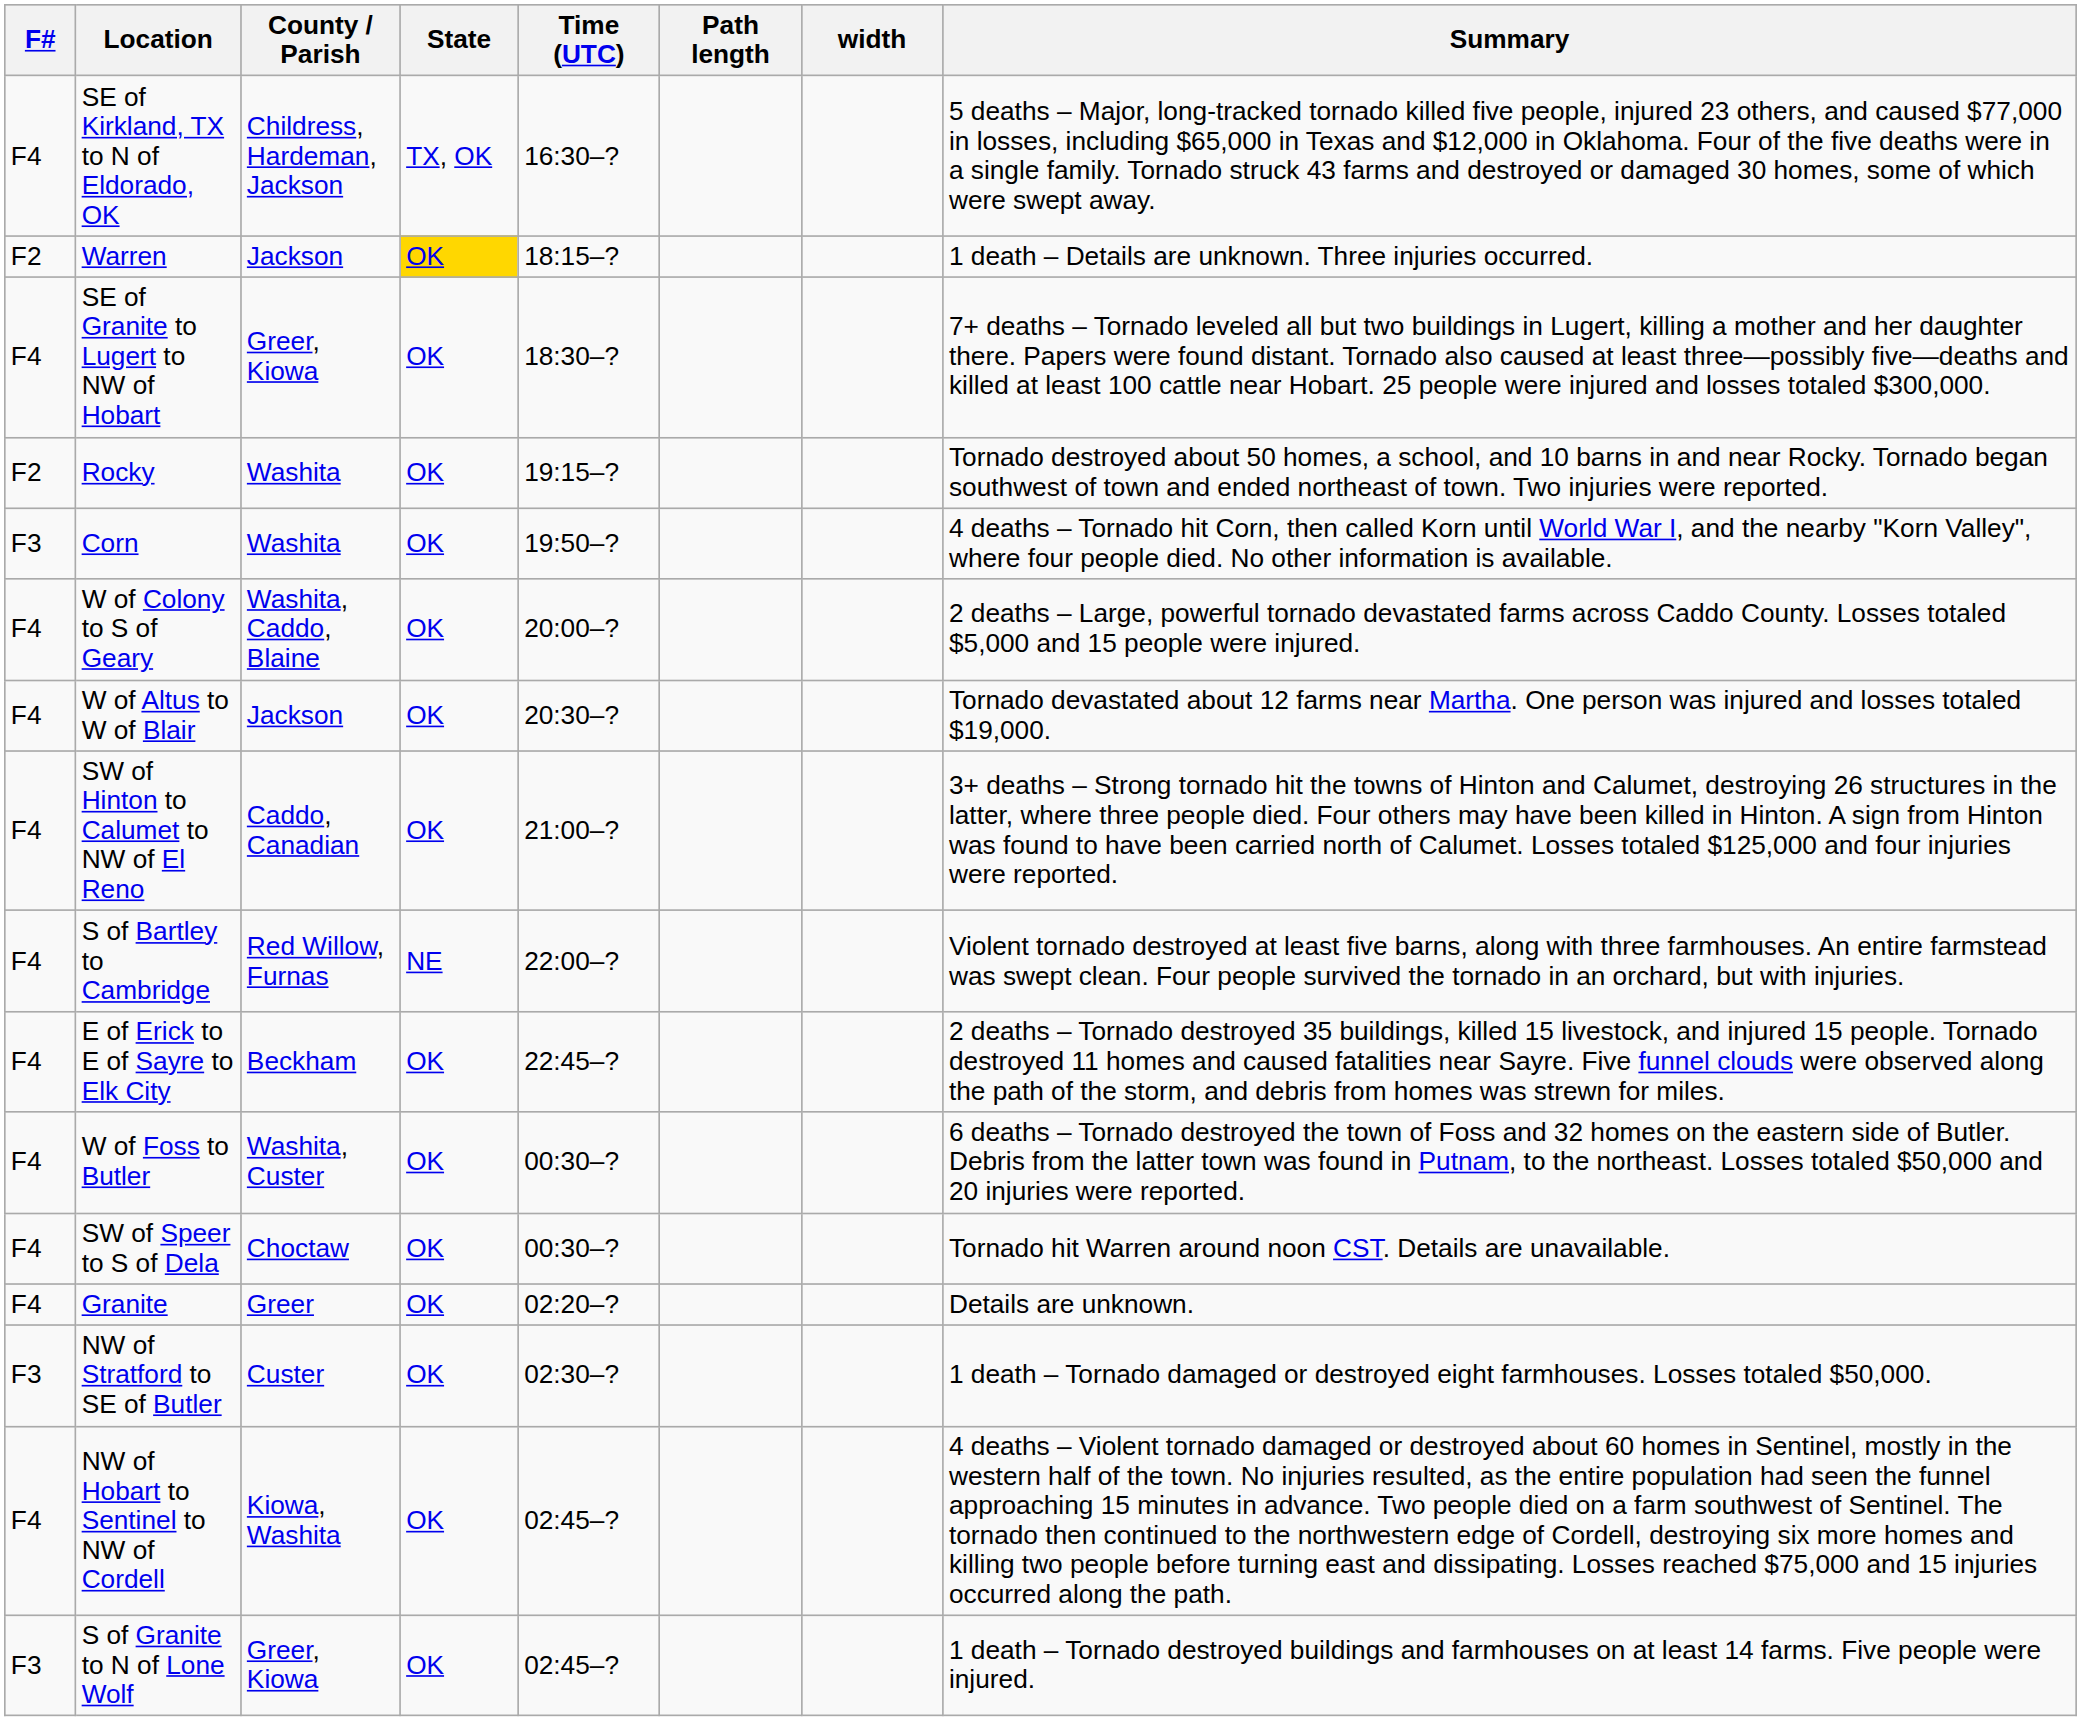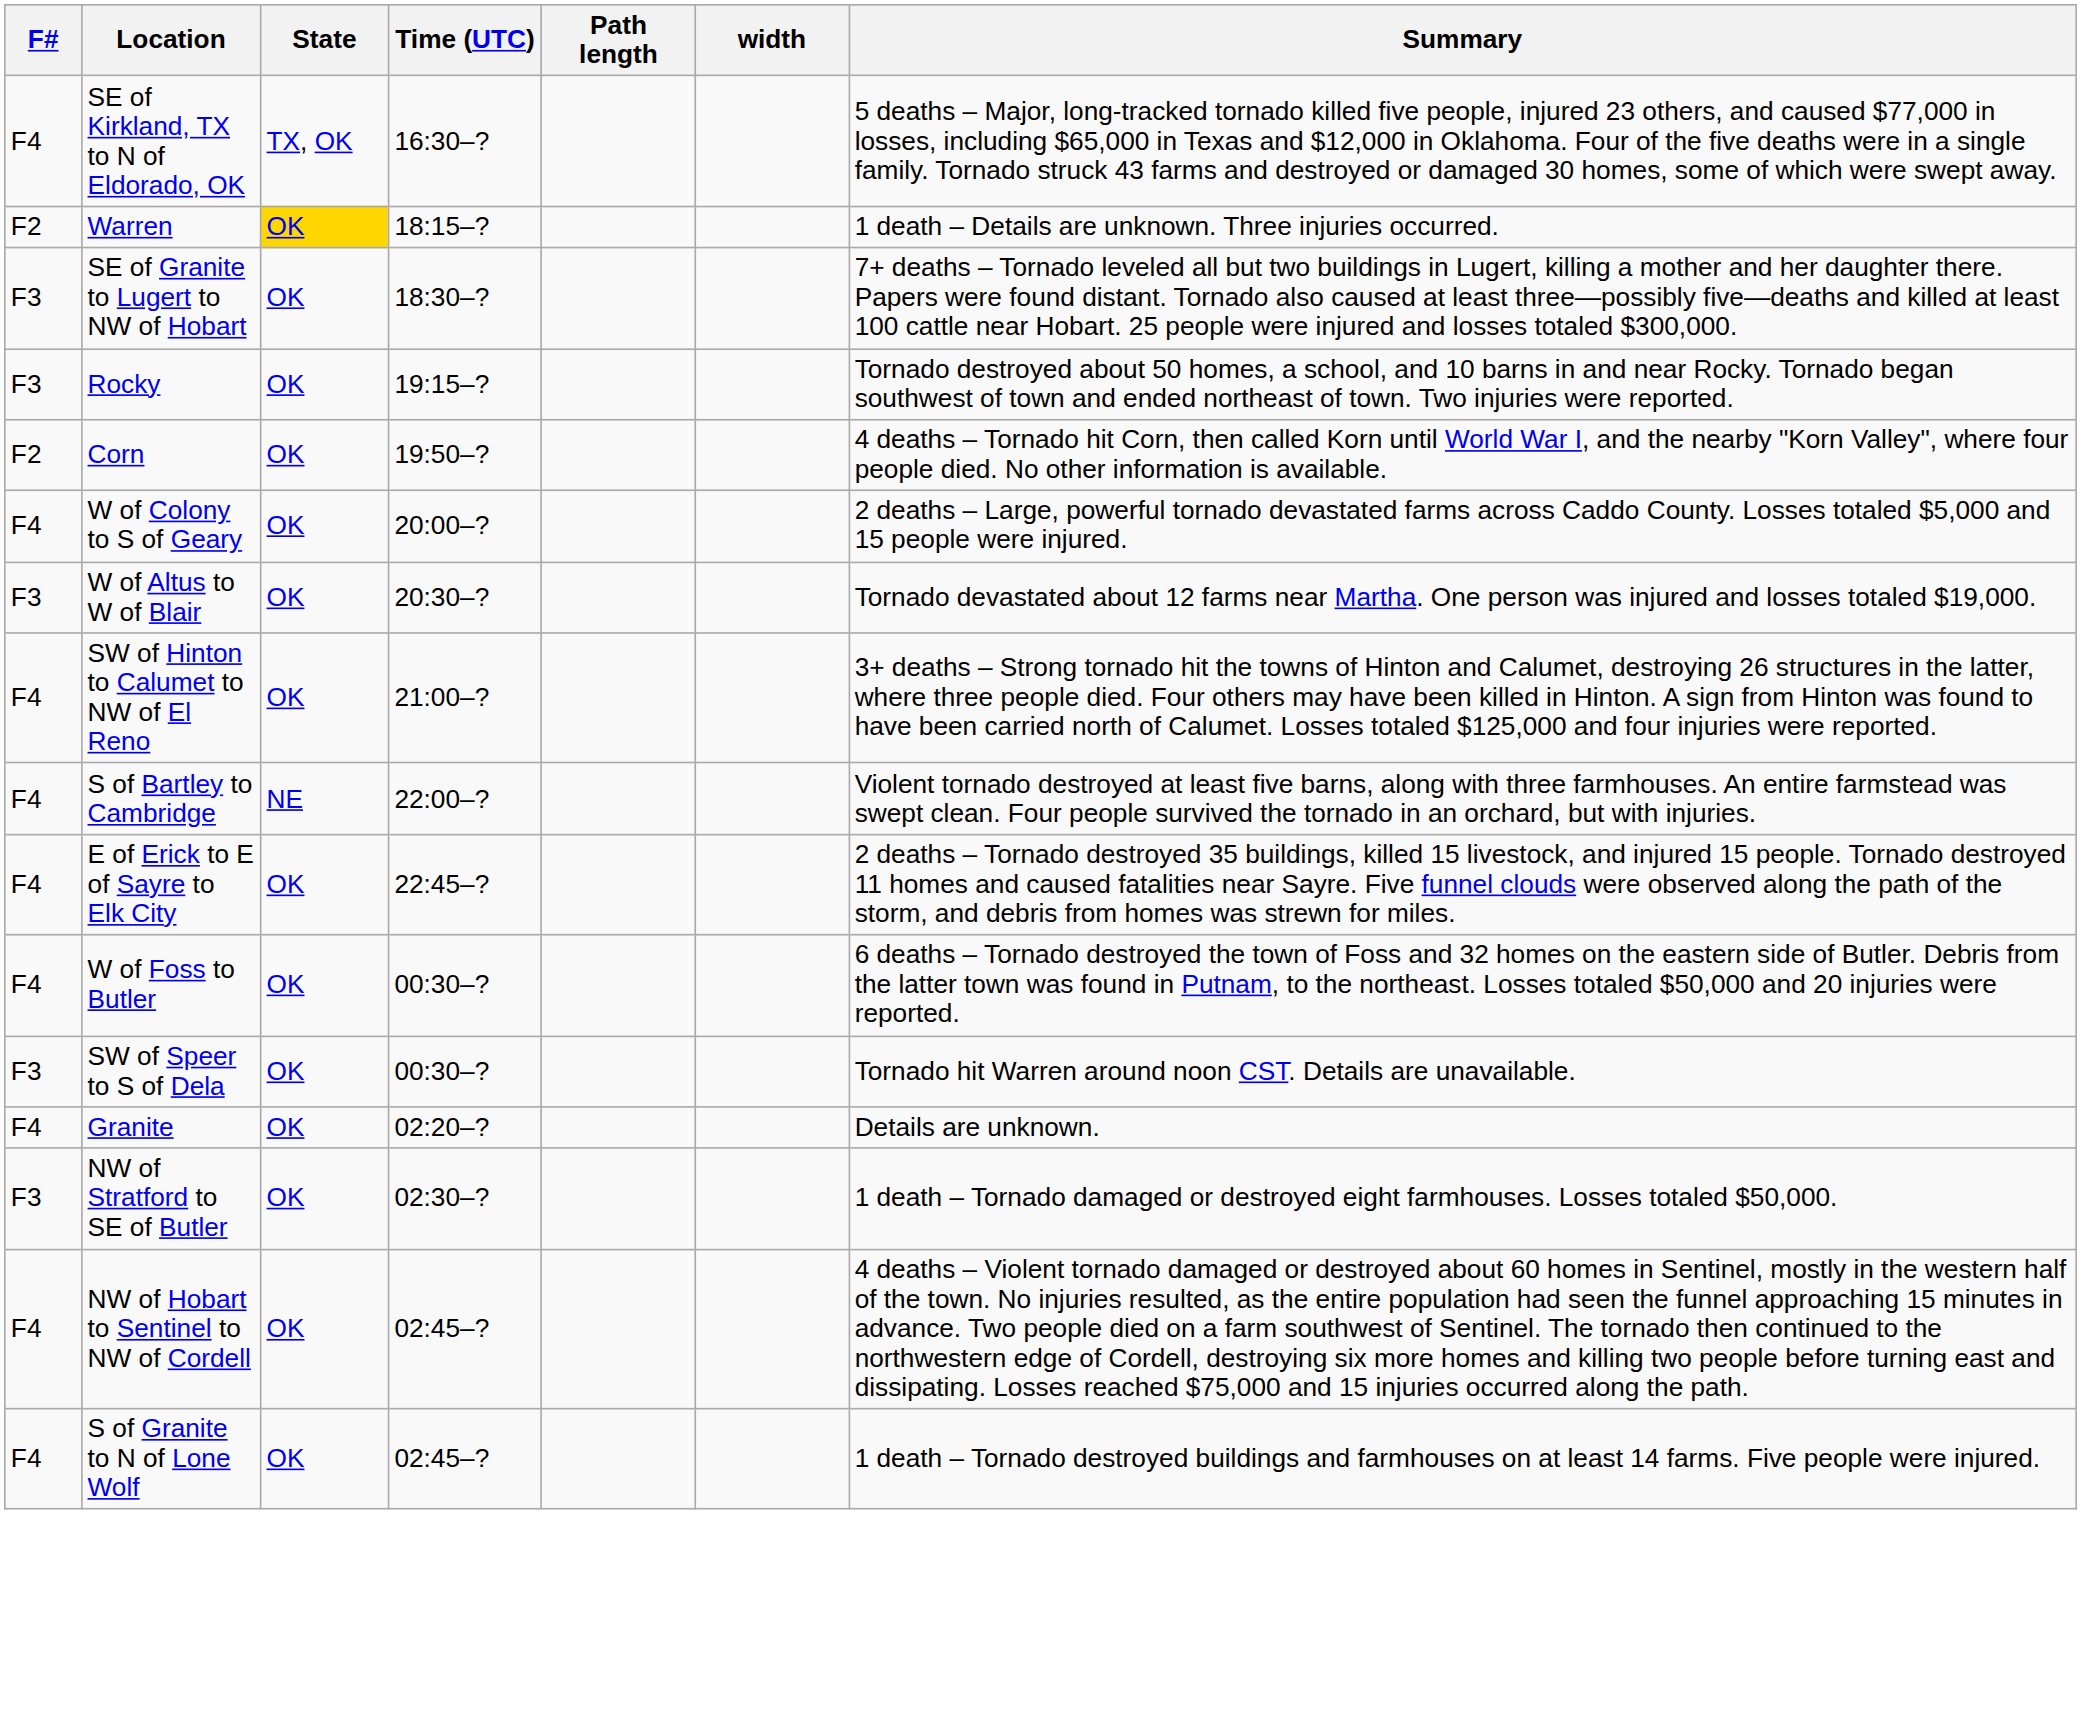 <table class="wikitable sortable" style="width:100%;">
 <tr>
 <th scope="col"  style="width:3%; text-align:center;"><a href='#'>F#</a></th>
 <th scope="col"  style="width:7%; text-align:center;" class="unsortable">Location</th>
-<th scope="col"  style="width:6%; text-align:center;" class="unsortable">County / Parish</th>
 <th scope="col"  style="width:5%; text-align:center;">State</th>
 <th scope="col"  style="width:6%; text-align:center;">Time (<a href='#'>UTC</a>)</th>
 <th scope="col"  style="width:6%; text-align:center;">Path length</th>
 <th scope="col"  style="width:6%; text-align:center;"> width</th>
 <th scope="col" class="unsortable" style="width:48%; text-align:center;">Summary</th>
 </tr>
 <tr>
 <td>F4</td>
 <td>SE of <a href='#'>Kirkland, TX</a> to N of <a href='#'>Eldorado, OK</a></td>
-<td><a href='#'>Childress</a>, <a href='#'>Hardeman</a>, <a href='#'>Jackson</a></td>
 <td><a href='#'>TX</a>, <a href='#'>OK</a></td>
 <td>16:30–?</td>
 <td></td>
 <td></td>
 <td>5 deaths – Major, long-tracked tornado killed five people, injured 23 others, and caused $77,000 in losses, including $65,000 in Texas and $12,000 in Oklahoma. Four of the five deaths were in a single family. Tornado struck 43 farms and destroyed or damaged 30 homes, some of which were swept away.</td>
 </tr>
 <tr>
 <td>F2</td>
 <td><a href='#'>Warren</a></td>
-<td><a href='#'>Jackson</a></td>
 <td style="background: gold;"><a href='#'>OK</a></td>
 <td>18:15–?</td>
 <td></td>
 <td></td>
 <td>1 death – Details are unknown. Three injuries occurred.</td>
 </tr>
 <tr>
-<td>F4</td>
+<td>F3</td>
 <td>SE of <a href='#'>Granite</a> to <a href='#'>Lugert</a> to NW of <a href='#'>Hobart</a></td>
-<td><a href='#'>Greer</a>, <a href='#'>Kiowa</a></td>
 <td><a href='#'>OK</a></td>
 <td>18:30–?</td>
 <td></td>
 <td></td>
 <td>7+ deaths – Tornado leveled all but two buildings in Lugert, killing a mother and her daughter there. Papers were found  distant. Tornado also caused at least three—possibly five—deaths and killed at least 100 cattle near Hobart. 25 people were injured and losses totaled $300,000.</td>
 </tr>
 <tr>
-<td>F2</td>
+<td>F3</td>
 <td><a href='#'>Rocky</a></td>
-<td><a href='#'>Washita</a></td>
 <td><a href='#'>OK</a></td>
 <td>19:15–?</td>
 <td></td>
 <td></td>
 <td>Tornado destroyed about 50 homes, a school, and 10 barns in and near Rocky. Tornado began  southwest of town and ended  northeast of town. Two injuries were reported.</td>
 </tr>
 <tr>
-<td>F3</td>
+<td>F2</td>
 <td><a href='#'>Corn</a></td>
-<td><a href='#'>Washita</a></td>
 <td><a href='#'>OK</a></td>
 <td>19:50–?</td>
 <td></td>
 <td></td>
 <td>4 deaths – Tornado hit Corn, then called Korn until <a href='#'>World War I</a>, and the nearby "Korn Valley", where four people died. No other information is available.</td>
 </tr>
 <tr>
 <td>F4</td>
 <td>W of <a href='#'>Colony</a> to S of <a href='#'>Geary</a></td>
-<td><a href='#'>Washita</a>, <a href='#'>Caddo</a>, <a href='#'>Blaine</a></td>
 <td><a href='#'>OK</a></td>
 <td>20:00–?</td>
 <td></td>
 <td></td>
 <td>2 deaths – Large, powerful tornado devastated farms across Caddo County. Losses totaled $5,000 and 15 people were injured.</td>
 </tr>
 <tr>
-<td>F4</td>
+<td>F3</td>
 <td>W of <a href='#'>Altus</a> to W of <a href='#'>Blair</a></td>
-<td><a href='#'>Jackson</a></td>
 <td><a href='#'>OK</a></td>
 <td>20:30–?</td>
 <td></td>
 <td></td>
 <td>Tornado devastated about 12 farms near <a href='#'>Martha</a>. One person was injured and losses totaled $19,000.</td>
 </tr>
 <tr>
 <td>F4</td>
 <td>SW of <a href='#'>Hinton</a> to <a href='#'>Calumet</a> to NW of <a href='#'>El Reno</a></td>
-<td><a href='#'>Caddo</a>, <a href='#'>Canadian</a></td>
 <td><a href='#'>OK</a></td>
 <td>21:00–?</td>
 <td></td>
 <td></td>
 <td>3+ deaths – Strong tornado hit the towns of Hinton and Calumet, destroying 26 structures in the latter, where three people died. Four others may have been killed in Hinton. A sign from Hinton was found to have been carried north of Calumet. Losses totaled $125,000 and four injuries were reported.</td>
 </tr>
 <tr>
 <td>F4</td>
 <td>S of <a href='#'>Bartley</a> to <a href='#'>Cambridge</a></td>
-<td><a href='#'>Red Willow</a>, <a href='#'>Furnas</a></td>
 <td><a href='#'>NE</a></td>
 <td>22:00–?</td>
 <td></td>
 <td></td>
 <td>Violent tornado destroyed at least five barns, along with three farmhouses. An entire farmstead was swept clean. Four people survived the tornado in an orchard, but with injuries.</td>
 </tr>
 <tr>
 <td>F4</td>
 <td>E of <a href='#'>Erick</a> to E of <a href='#'>Sayre</a> to <a href='#'>Elk City</a></td>
-<td><a href='#'>Beckham</a></td>
 <td><a href='#'>OK</a></td>
 <td>22:45–?</td>
 <td></td>
 <td></td>
 <td>2 deaths – Tornado destroyed 35 buildings, killed 15 livestock, and injured 15 people. Tornado destroyed 11 homes and caused fatalities near Sayre. Five <a href='#'>funnel clouds</a> were observed along the path of the storm, and debris from homes was strewn for miles.</td>
 </tr>
 <tr>
 <td>F4</td>
 <td>W of <a href='#'>Foss</a> to <a href='#'>Butler</a></td>
-<td><a href='#'>Washita</a>, <a href='#'>Custer</a></td>
 <td><a href='#'>OK</a></td>
 <td>00:30–?</td>
 <td></td>
 <td></td>
 <td>6 deaths – Tornado destroyed the town of Foss and 32 homes on the eastern side of Butler. Debris from the latter town was found in <a href='#'>Putnam</a>,  to the northeast. Losses totaled $50,000 and 20 injuries were reported.</td>
 </tr>
 <tr>
-<td>F4</td>
+<td>F3</td>
 <td>SW of <a href='#'>Speer</a> to S of <a href='#'>Dela</a></td>
-<td><a href='#'>Choctaw</a></td>
 <td><a href='#'>OK</a></td>
 <td>00:30–?</td>
 <td></td>
 <td></td>
 <td>Tornado hit Warren around noon <a href='#'>CST</a>. Details are unavailable.</td>
 </tr>
 <tr>
 <td>F4</td>
 <td><a href='#'>Granite</a></td>
-<td><a href='#'>Greer</a></td>
 <td><a href='#'>OK</a></td>
 <td>02:20–?</td>
 <td></td>
 <td></td>
 <td>Details are unknown.</td>
 </tr>
 <tr>
 <td>F3</td>
 <td>NW of <a href='#'>Stratford</a> to SE of <a href='#'>Butler</a></td>
-<td><a href='#'>Custer</a></td>
 <td><a href='#'>OK</a></td>
 <td>02:30–?</td>
 <td></td>
 <td></td>
 <td>1 death – Tornado damaged or destroyed eight farmhouses. Losses totaled $50,000.</td>
 </tr>
 <tr>
 <td>F4</td>
 <td>NW of <a href='#'>Hobart</a> to <a href='#'>Sentinel</a> to NW of <a href='#'>Cordell</a></td>
-<td><a href='#'>Kiowa</a>, <a href='#'>Washita</a></td>
 <td><a href='#'>OK</a></td>
 <td>02:45–?</td>
 <td></td>
 <td></td>
 <td>4 deaths – Violent tornado damaged or destroyed about 60 homes in Sentinel, mostly in the western half of the town. No injuries resulted, as the entire population had seen the funnel approaching 15 minutes in advance. Two people died on a farm southwest of Sentinel. The tornado then continued to the northwestern edge of Cordell, destroying six more homes and killing two people before turning east and dissipating. Losses reached $75,000 and 15 injuries occurred along the path.</td>
 </tr>
 <tr>
-<td>F3</td>
+<td>F4</td>
 <td>S of <a href='#'>Granite</a> to N of <a href='#'>Lone Wolf</a></td>
-<td><a href='#'>Greer</a>, <a href='#'>Kiowa</a></td>
 <td><a href='#'>OK</a></td>
 <td>02:45–?</td>
 <td></td>
 <td></td>
 <td>1 death – Tornado destroyed buildings and farmhouses on at least 14 farms. Five people were injured.</td>
 </tr>
 </table>
